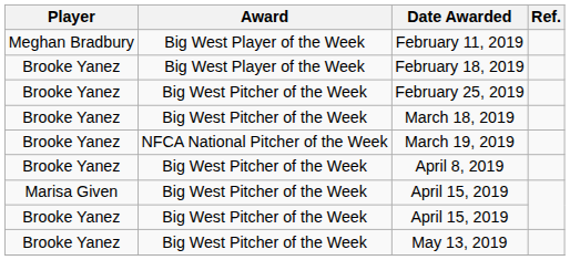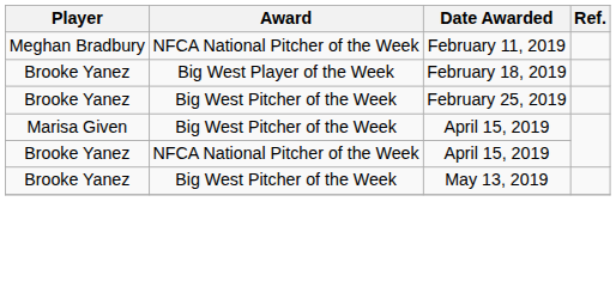 <table class="wikitable sortable sortable" style="text-align: center">
 <tr align=center>
 <th>Player</th>
 <th>Award</th>
 <th>Date Awarded</th>
 <th>Ref.</th>
 </tr>
 <tr>
 <td>Meghan Bradbury</td>
-<td>Big West Player of the Week</td>
+<td>NFCA National Pitcher of the Week</td>
 <td>February 11, 2019</td>
 <td></td>
 </tr>
 <tr>
 <td>Brooke Yanez</td>
 <td>Big West Player of the Week</td>
 <td>February 18, 2019</td>
 <td></td>
 </tr>
 <tr>
 <td>Brooke Yanez</td>
 <td>Big West Pitcher of the Week</td>
 <td>February 25, 2019</td>
 <td></td>
 </tr>
 <tr>
-<td>Brooke Yanez</td>
-<td>Big West Pitcher of the Week</td>
-<td>March 18, 2019</td>
-<td></td>
-</tr>
-<tr>
-<td>Brooke Yanez</td>
-<td>NFCA National Pitcher of the Week</td>
-<td>March 19, 2019</td>
-<td></td>
-</tr>
-<tr>
-<td>Brooke Yanez</td>
-<td>Big West Pitcher of the Week</td>
-<td>April 8, 2019</td>
-<td></td>
-</tr>
-<tr>
 <td>Marisa Given</td>
 <td>Big West Pitcher of the Week</td>
 <td>April 15, 2019</td>
 <td rowspan="2"></td>
 </tr>
 <tr>
 <td>Brooke Yanez</td>
-<td>Big West Pitcher of the Week</td>
+<td>NFCA National Pitcher of the Week</td>
 <td>April 15, 2019</td>
 </tr>
 <tr>
 <td>Brooke Yanez</td>
 <td>Big West Pitcher of the Week</td>
 <td>May 13, 2019</td>
 <td></td>
 </tr>
 <tr>
 </tr>
 </table>
